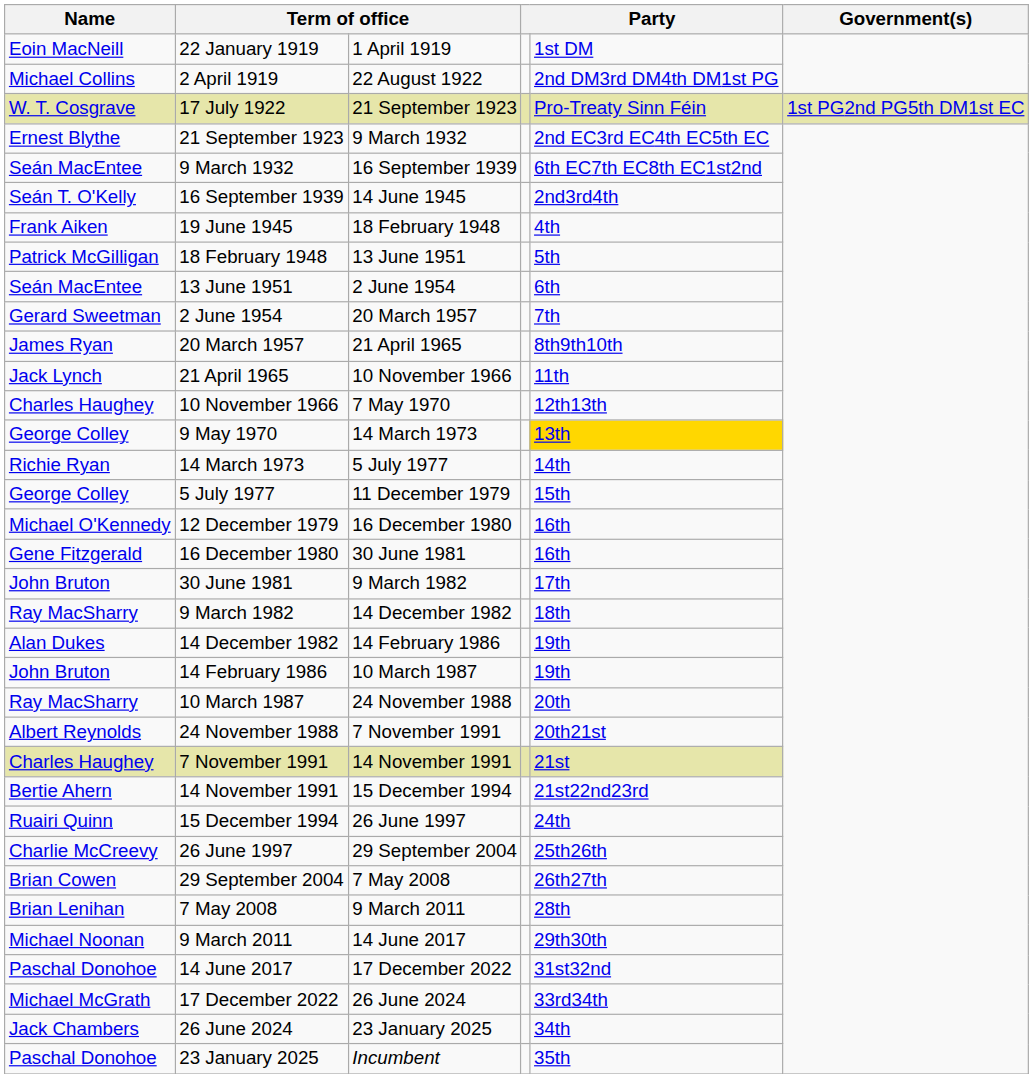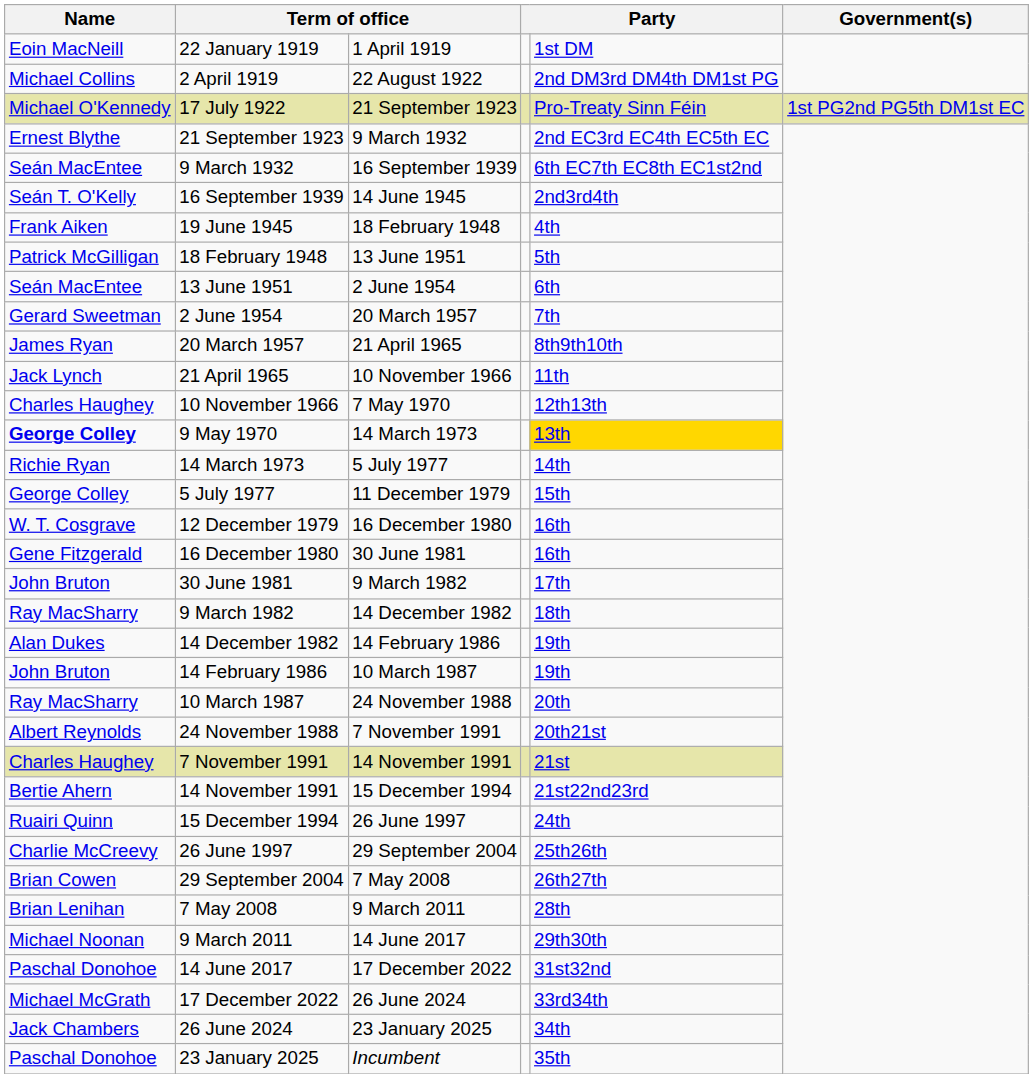 <table class="wikitable">
 <tr>
 <th>Name</th>
 <th colspan=2>Term of office</th>
 <th colspan=2>Party</th>
 <th>Government(s)</th>
 </tr>
 <tr>
 <td><a href='#'>Eoin MacNeill</a></td>
 <td>22 January 1919</td>
 <td>1 April 1919</td>
 <td></td>
 <td><a href='#'>1st DM</a></td>
 </tr>
 <tr>
 <td><a href='#'>Michael Collins</a></td>
 <td>2 April 1919</td>
 <td>22 August 1922</td>
 <td></td>
 <td><a href='#'>2nd DM</a><a href='#'>3rd DM</a><a href='#'>4th DM</a><a href='#'>1st PG</a></td>
 </tr>
 <tr bgcolor=#E6E6AA>
-<td><a href='#'>W. T. Cosgrave</a> </td>
+<td><a href='#'>Michael O'Kennedy</a></td>
 <td>17 July 1922</td>
 <td>21 September 1923</td>
 <td style="background-color: "></td>
 <td><a href='#'>Pro-Treaty Sinn Féin</a></td>
 <td><a href='#'>1st PG</a><a href='#'>2nd PG</a><a href='#'>5th DM</a><a href='#'>1st EC</a></td>
 </tr>
 <tr>
 <td><a href='#'>Ernest Blythe</a></td>
 <td>21 September 1923</td>
 <td>9 March 1932</td>
 <td></td>
 <td><a href='#'>2nd EC</a><a href='#'>3rd EC</a><a href='#'>4th EC</a><a href='#'>5th EC</a></td>
 </tr>
 <tr>
 <td><a href='#'>Seán MacEntee</a></td>
 <td>9 March 1932</td>
 <td>16 September 1939</td>
 <td></td>
 <td><a href='#'>6th EC</a><a href='#'>7th EC</a><a href='#'>8th EC</a><a href='#'>1st</a><a href='#'>2nd</a></td>
 </tr>
 <tr>
 <td><a href='#'>Seán T. O'Kelly</a></td>
 <td>16 September 1939</td>
 <td>14 June 1945</td>
 <td></td>
 <td><a href='#'>2nd</a><a href='#'>3rd</a><a href='#'>4th</a></td>
 </tr>
 <tr>
 <td><a href='#'>Frank Aiken</a></td>
 <td>19 June 1945</td>
 <td>18 February 1948</td>
 <td></td>
 <td><a href='#'>4th</a></td>
 </tr>
 <tr>
 <td><a href='#'>Patrick McGilligan</a></td>
 <td>18 February 1948</td>
 <td>13 June 1951</td>
 <td></td>
 <td><a href='#'>5th</a></td>
 </tr>
 <tr>
 <td><a href='#'>Seán MacEntee</a></td>
 <td>13 June 1951</td>
 <td>2 June 1954</td>
 <td></td>
 <td><a href='#'>6th</a></td>
 </tr>
 <tr>
 <td><a href='#'>Gerard Sweetman</a></td>
 <td>2 June 1954</td>
 <td>20 March 1957</td>
 <td></td>
 <td><a href='#'>7th</a></td>
 </tr>
 <tr>
 <td><a href='#'>James Ryan</a></td>
 <td>20 March 1957</td>
 <td>21 April 1965</td>
 <td></td>
 <td><a href='#'>8th</a><a href='#'>9th</a><a href='#'>10th</a></td>
 </tr>
 <tr>
 <td><a href='#'>Jack Lynch</a></td>
 <td>21 April 1965</td>
 <td>10 November 1966</td>
 <td></td>
 <td><a href='#'>11th</a></td>
 </tr>
 <tr>
 <td><a href='#'>Charles Haughey</a></td>
 <td>10 November 1966</td>
 <td>7 May 1970</td>
 <td></td>
 <td><a href='#'>12th</a><a href='#'>13th</a></td>
 </tr>
 <tr>
-<td><a href='#'>George Colley</a></td>
+<td><strong><a href='#'>George Colley</a></strong></td>
 <td>9 May 1970</td>
 <td>14 March 1973</td>
 <td></td>
 <td style="background: gold;"><a href='#'>13th</a></td>
 </tr>
 <tr>
 <td><a href='#'>Richie Ryan</a></td>
 <td>14 March 1973</td>
 <td>5 July 1977</td>
 <td></td>
 <td><a href='#'>14th</a></td>
 </tr>
 <tr>
 <td><a href='#'>George Colley</a></td>
 <td>5 July 1977</td>
 <td>11 December 1979</td>
 <td></td>
 <td><a href='#'>15th</a></td>
 </tr>
 <tr>
-<td><a href='#'>Michael O'Kennedy</a></td>
+<td><a href='#'>W. T. Cosgrave</a> </td>
 <td>12 December 1979</td>
 <td>16 December 1980</td>
 <td></td>
 <td><a href='#'>16th</a></td>
 </tr>
 <tr>
 <td><a href='#'>Gene Fitzgerald</a></td>
 <td>16 December 1980</td>
 <td>30 June 1981</td>
 <td></td>
 <td><a href='#'>16th</a></td>
 </tr>
 <tr>
 <td><a href='#'>John Bruton</a></td>
 <td>30 June 1981</td>
 <td>9 March 1982</td>
 <td></td>
 <td><a href='#'>17th</a></td>
 </tr>
 <tr>
 <td><a href='#'>Ray MacSharry</a></td>
 <td>9 March 1982</td>
 <td>14 December 1982</td>
 <td></td>
 <td><a href='#'>18th</a></td>
 </tr>
 <tr>
 <td><a href='#'>Alan Dukes</a></td>
 <td>14 December 1982</td>
 <td>14 February 1986</td>
 <td></td>
 <td><a href='#'>19th</a></td>
 </tr>
 <tr>
 <td><a href='#'>John Bruton</a></td>
 <td>14 February 1986</td>
 <td>10 March 1987</td>
 <td></td>
 <td><a href='#'>19th</a></td>
 </tr>
 <tr>
 <td><a href='#'>Ray MacSharry</a></td>
 <td>10 March 1987</td>
 <td>24 November 1988</td>
 <td></td>
 <td><a href='#'>20th</a></td>
 </tr>
 <tr>
 <td><a href='#'>Albert Reynolds</a></td>
 <td>24 November 1988</td>
 <td>7 November 1991</td>
 <td></td>
 <td><a href='#'>20th</a><a href='#'>21st</a></td>
 </tr>
 <tr bgcolor=#E6E6AA>
 <td><a href='#'>Charles Haughey</a> </td>
 <td>7 November 1991</td>
 <td>14 November 1991</td>
 <td></td>
 <td><a href='#'>21st</a></td>
 </tr>
 <tr>
 <td><a href='#'>Bertie Ahern</a></td>
 <td>14 November 1991</td>
 <td>15 December 1994</td>
 <td></td>
 <td><a href='#'>21st</a><a href='#'>22nd</a><a href='#'>23rd</a></td>
 </tr>
 <tr>
 <td><a href='#'>Ruairi Quinn</a></td>
 <td>15 December 1994</td>
 <td>26 June 1997</td>
 <td></td>
 <td><a href='#'>24th</a></td>
 </tr>
 <tr>
 <td><a href='#'>Charlie McCreevy</a></td>
 <td>26 June 1997</td>
 <td>29 September 2004</td>
 <td></td>
 <td><a href='#'>25th</a><a href='#'>26th</a></td>
 </tr>
 <tr>
 <td><a href='#'>Brian Cowen</a></td>
 <td>29 September 2004</td>
 <td>7 May 2008</td>
 <td></td>
 <td><a href='#'>26th</a><a href='#'>27th</a></td>
 </tr>
 <tr>
 <td><a href='#'>Brian Lenihan</a></td>
 <td>7 May 2008</td>
 <td>9 March 2011</td>
 <td></td>
 <td><a href='#'>28th</a></td>
 </tr>
 <tr>
 <td><a href='#'>Michael Noonan</a></td>
 <td>9 March 2011</td>
 <td>14 June 2017</td>
 <td></td>
 <td><a href='#'>29th</a><a href='#'>30th</a></td>
 </tr>
 <tr>
 <td><a href='#'>Paschal Donohoe</a></td>
 <td>14 June 2017</td>
 <td>17 December 2022</td>
 <td></td>
 <td><a href='#'>31st</a><a href='#'>32nd</a></td>
 </tr>
 <tr>
 <td><a href='#'>Michael McGrath</a></td>
 <td>17 December 2022</td>
 <td>26 June 2024</td>
 <td></td>
 <td><a href='#'>33rd</a><a href='#'>34th</a></td>
 </tr>
 <tr>
 <td><a href='#'>Jack Chambers</a></td>
 <td>26 June 2024</td>
 <td>23 January 2025</td>
 <td></td>
 <td><a href='#'>34th</a></td>
 </tr>
 <tr>
 <td><a href='#'>Paschal Donohoe</a></td>
 <td>23 January 2025</td>
 <td><em>Incumbent</em></td>
 <td></td>
 <td><a href='#'>35th</a></td>
 </tr>
 </table>
